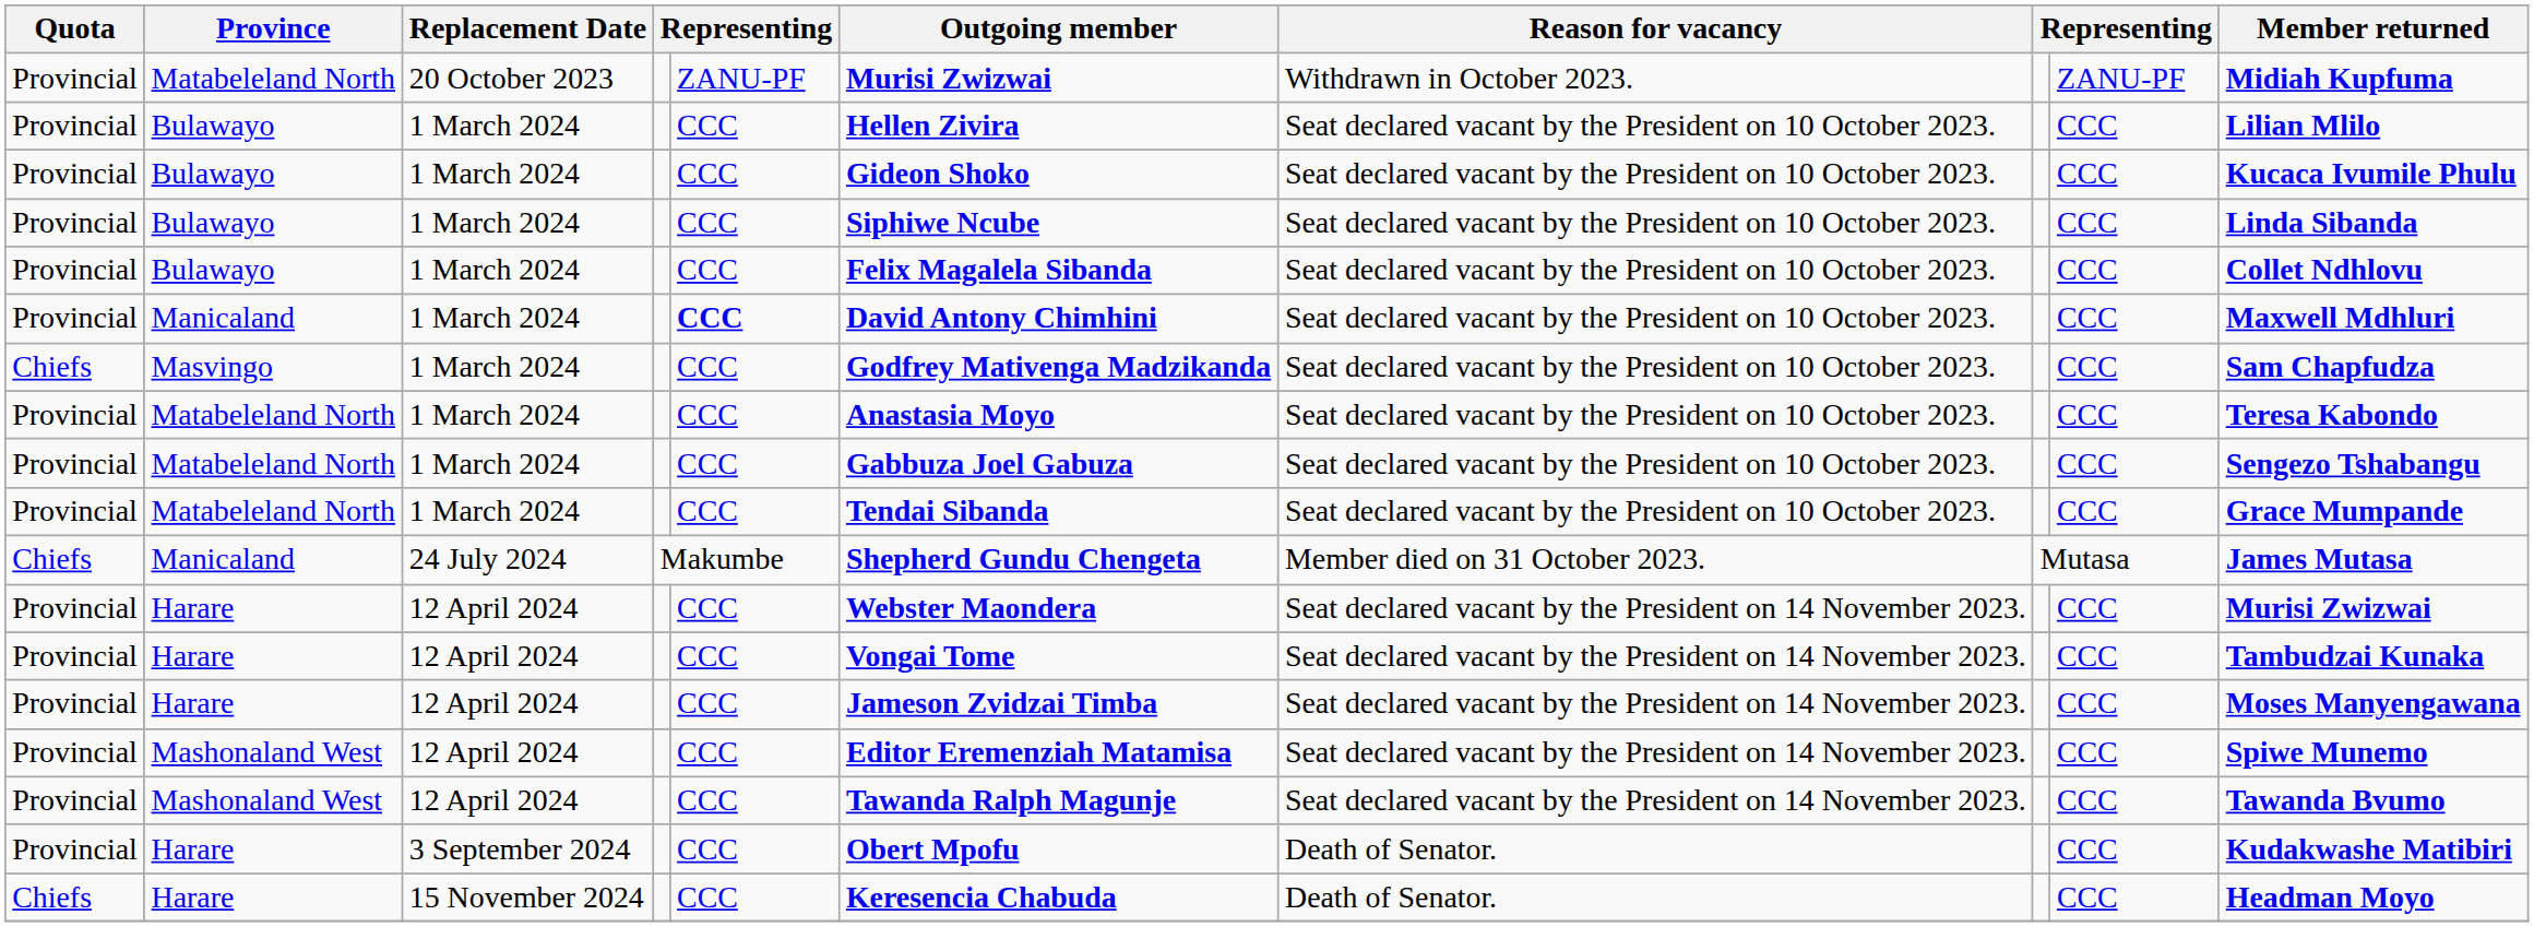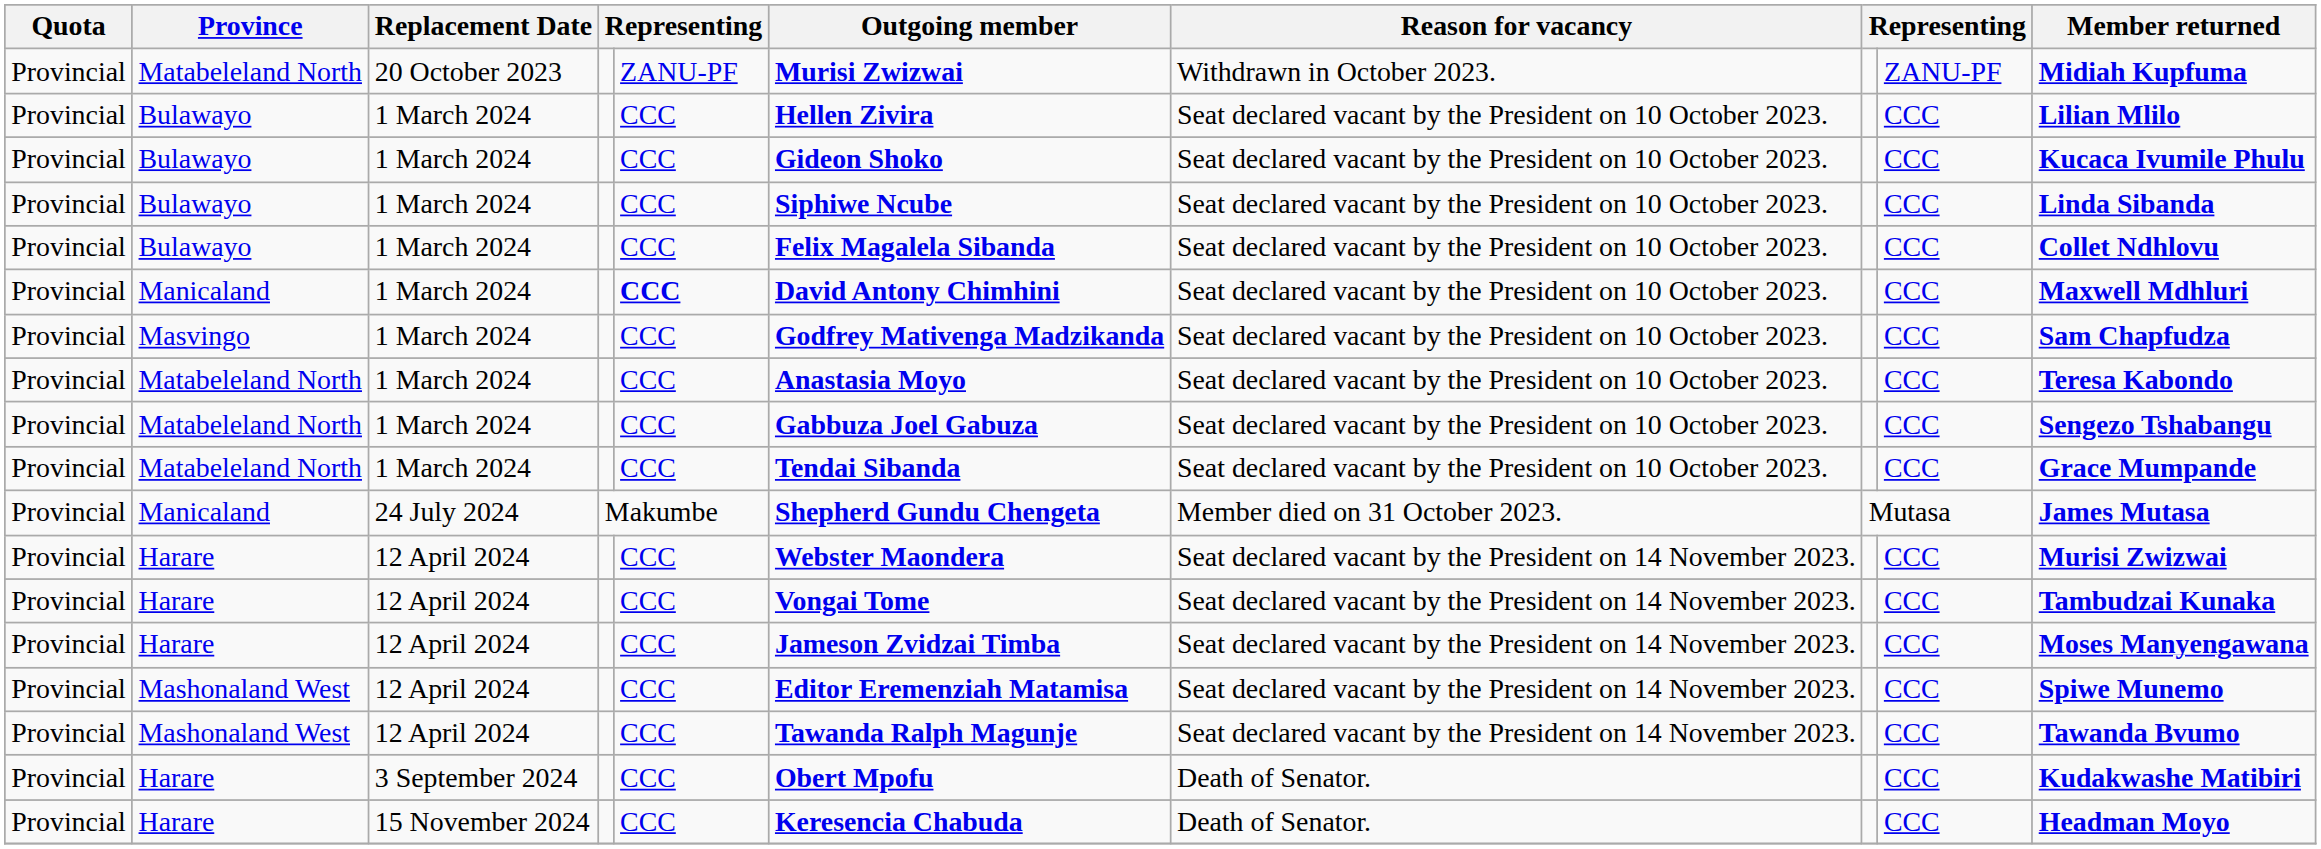 <table class="wikitable sortable" id="quota recalls">
 <tr>
 <th>Quota</th>
 <th><a href='#'>Province</a></th>
 <th>Replacement Date</th>
 <th colspan="2">Representing</th>
 <th>Outgoing member</th>
 <th>Reason for vacancy</th>
 <th colspan="2">Representing</th>
 <th><strong>Member returned</strong></th>
 </tr>
 <tr>
 <td>Provincial</td>
 <td><a href='#'>Matabeleland North</a></td>
 <td>20 October 2023</td>
 <td style="background-color: "></td>
 <td><a href='#'>ZANU-PF</a></td>
 <td data-sort-value="Zwizwai Murisi"><strong><a href='#'>Murisi Zwizwai</a></strong></td>
 <td>Withdrawn in October 2023.</td>
 <td style="background-color: "></td>
 <td><a href='#'>ZANU-PF</a></td>
 <td data-sort-value="Kupfuma Midiah"><strong><a href='#'>Midiah Kupfuma</a></strong></td>
 </tr>
 <tr>
 <td>Provincial</td>
 <td><a href='#'>Bulawayo</a></td>
 <td>1 March 2024</td>
 <td style="background-color: "></td>
 <td><a href='#'>CCC</a></td>
 <td data-sort-value="Zivira Hellen"><strong><a href='#'>Hellen Zivira</a></strong></td>
 <td>Seat declared vacant by the President on 10 October 2023.</td>
 <td style="background-color: "></td>
 <td><a href='#'>CCC</a></td>
 <td data-sort-value="Mlilo Lilian"><strong><a href='#'>Lilian Mlilo</a></strong></td>
 </tr>
 <tr>
 <td>Provincial</td>
 <td><a href='#'>Bulawayo</a></td>
 <td>1 March 2024</td>
 <td style="background-color: "></td>
 <td><a href='#'>CCC</a></td>
 <td data-sort-value="Shoko Gideon"><strong><a href='#'>Gideon Shoko</a></strong></td>
 <td>Seat declared vacant by the President on 10 October 2023.</td>
 <td style="background-color: "></td>
 <td><a href='#'>CCC</a></td>
 <td data-sort-value="Phulu Kucaca Ivumile"><strong><a href='#'>Kucaca Ivumile Phulu</a></strong></td>
 </tr>
 <tr>
 <td>Provincial</td>
 <td><a href='#'>Bulawayo</a></td>
 <td>1 March 2024</td>
 <td style="background-color: "></td>
 <td><a href='#'>CCC</a></td>
 <td data-sort-value="Ncube Siphiwe"><strong><a href='#'>Siphiwe Ncube</a></strong></td>
 <td>Seat declared vacant by the President on 10 October 2023.</td>
 <td style="background-color: "></td>
 <td><a href='#'>CCC</a></td>
 <td data-sort-value="Sibanda Linda"><strong><a href='#'>Linda Sibanda</a></strong></td>
 </tr>
 <tr>
 <td>Provincial</td>
 <td><a href='#'>Bulawayo</a></td>
 <td>1 March 2024</td>
 <td style="background-color: "></td>
 <td><a href='#'>CCC</a></td>
 <td data-sort-value="Sibanda Felix Magalela"><strong><a href='#'>Felix Magalela Sibanda</a></strong></td>
 <td>Seat declared vacant by the President on 10 October 2023.</td>
 <td style="background-color: "></td>
 <td><a href='#'>CCC</a></td>
 <td data-sort-value="Ndhlovu Collet"><strong><a href='#'>Collet Ndhlovu</a></strong></td>
 </tr>
 <tr>
 <td>Provincial</td>
 <td><a href='#'>Manicaland</a></td>
 <td>1 March 2024</td>
 <td style="background-color: "></td>
 <td><strong><a href='#'>CCC</a></strong></td>
 <td data-sort-value="Chimhini David Antony"><strong><a href='#'>David Antony Chimhini</a></strong></td>
 <td>Seat declared vacant by the President on 10 October 2023.</td>
 <td style="background-color: "></td>
 <td><a href='#'>CCC</a></td>
 <td data-sort-value="Mdhluri Maxwell"><strong><a href='#'>Maxwell Mdhluri</a></strong></td>
 </tr>
 <tr>
-<td><a href='#'>Chiefs</a></td>
+<td>Provincial</td>
 <td><a href='#'>Masvingo</a></td>
 <td>1 March 2024</td>
 <td style="background-color: "></td>
 <td><a href='#'>CCC</a></td>
 <td data-sort-value="Madzikanda Godfrey Mativenga"><strong><a href='#'>Godfrey Mativenga Madzikanda</a></strong></td>
 <td>Seat declared vacant by the President on 10 October 2023.</td>
 <td style="background-color: "></td>
 <td><a href='#'>CCC</a></td>
 <td data-sort-value="Chapfudza Sam"><strong><a href='#'>Sam Chapfudza</a></strong></td>
 </tr>
 <tr>
 <td>Provincial</td>
 <td><a href='#'>Matabeleland North</a></td>
 <td>1 March 2024</td>
 <td style="background-color: "></td>
 <td><a href='#'>CCC</a></td>
 <td data-sort-value="Moyo Anastasia"><strong><a href='#'>Anastasia Moyo</a></strong></td>
 <td>Seat declared vacant by the President on 10 October 2023.</td>
 <td style="background-color: "></td>
 <td><a href='#'>CCC</a></td>
 <td data-sort-value="Kabondo Teresa"><strong><a href='#'>Teresa Kabondo</a></strong></td>
 </tr>
 <tr>
 <td>Provincial</td>
 <td><a href='#'>Matabeleland North</a></td>
 <td>1 March 2024</td>
 <td style="background-color: "></td>
 <td><a href='#'>CCC</a></td>
 <td data-sort-value="Gabuza Gabbuza Joel"><strong><a href='#'>Gabbuza Joel Gabuza</a></strong></td>
 <td>Seat declared vacant by the President on 10 October 2023.</td>
 <td style="background-color: "></td>
 <td><a href='#'>CCC</a></td>
 <td data-sort-value="Tshabangu Sengezo"><strong><a href='#'>Sengezo Tshabangu</a></strong></td>
 </tr>
 <tr>
 <td>Provincial</td>
 <td><a href='#'>Matabeleland North</a></td>
 <td>1 March 2024</td>
 <td style="background-color: "></td>
 <td><a href='#'>CCC</a></td>
 <td data-sort-value="Sibanda Tendai"><strong><a href='#'>Tendai Sibanda</a></strong></td>
 <td>Seat declared vacant by the President on 10 October 2023.</td>
 <td style="background-color: "></td>
 <td><a href='#'>CCC</a></td>
 <td data-sort-value="Mumpande Grace"><strong><a href='#'>Grace Mumpande</a></strong></td>
 </tr>
 <tr>
-<td><a href='#'>Chiefs</a></td>
+<td>Provincial</td>
 <td><a href='#'>Manicaland</a></td>
 <td>24 July 2024</td>
 <td colspan="2">Makumbe</td>
 <td data-sort-value="Chengeta Shepherd Gundu"><strong><a href='#'>Shepherd Gundu Chengeta</a></strong></td>
 <td>Member died on 31 October 2023.</td>
 <td colspan="2">Mutasa</td>
 <td data-sort-value="Mutasa James"><strong><a href='#'>James Mutasa</a></strong></td>
 </tr>
 <tr>
 <td>Provincial</td>
 <td><a href='#'>Harare</a></td>
 <td>12 April 2024</td>
 <td style="background-color: "></td>
 <td><a href='#'>CCC</a></td>
 <td data-sort-value="Maondera Webster"><strong><a href='#'>Webster Maondera</a></strong></td>
 <td>Seat declared vacant by the President on 14 November 2023.</td>
 <td style="background-color: "></td>
 <td><a href='#'>CCC</a></td>
 <td data-sort-value="Zwizwai Murisi"><strong><a href='#'>Murisi Zwizwai</a></strong></td>
 </tr>
 <tr>
 <td>Provincial</td>
 <td><a href='#'>Harare</a></td>
 <td>12 April 2024</td>
 <td style="background-color: "></td>
 <td><a href='#'>CCC</a></td>
 <td data-sort-value="Tome Vongai"><strong><a href='#'>Vongai Tome</a></strong></td>
 <td>Seat declared vacant by the President on 14 November 2023.</td>
 <td style="background-color: "></td>
 <td><a href='#'>CCC</a></td>
 <td data-sort-value="Kunaka Tambudzai"><strong><a href='#'>Tambudzai Kunaka</a></strong></td>
 </tr>
 <tr>
 <td>Provincial</td>
 <td><a href='#'>Harare</a></td>
 <td>12 April 2024</td>
 <td style="background-color: "></td>
 <td><a href='#'>CCC</a></td>
 <td data-sort-value="Timba Jameson Zvidzai"><strong><a href='#'>Jameson Zvidzai Timba</a></strong></td>
 <td>Seat declared vacant by the President on 14 November 2023.</td>
 <td style="background-color: "></td>
 <td><a href='#'>CCC</a></td>
 <td data-sort-value="Manyengawana Moses"><strong><a href='#'>Moses Manyengawana</a></strong></td>
 </tr>
 <tr>
 <td>Provincial</td>
 <td><a href='#'>Mashonaland West</a></td>
 <td>12 April 2024</td>
 <td style="background-color: "></td>
 <td><a href='#'>CCC</a></td>
 <td data-sort-value="Matamisa Editor Eremenziah"><strong><a href='#'>Editor Eremenziah Matamisa</a></strong></td>
 <td>Seat declared vacant by the President on 14 November 2023.</td>
 <td style="background-color: "></td>
 <td><a href='#'>CCC</a></td>
 <td data-sort-value="Munemo Spiwe"><strong><a href='#'>Spiwe Munemo</a></strong></td>
 </tr>
 <tr>
 <td>Provincial</td>
 <td><a href='#'>Mashonaland West</a></td>
 <td>12 April 2024</td>
 <td style="background-color: "></td>
 <td><a href='#'>CCC</a></td>
 <td data-sort-value="Magunje Tawanda Ralph"><strong><a href='#'>Tawanda Ralph Magunje</a></strong></td>
 <td>Seat declared vacant by the President on 14 November 2023.</td>
 <td style="background-color: "></td>
 <td><a href='#'>CCC</a></td>
 <td data-sort-value="Bvumo Tawanda"><strong><a href='#'>Tawanda Bvumo</a></strong></td>
 </tr>
 <tr>
 <td>Provincial</td>
 <td><a href='#'>Harare</a></td>
 <td>3 September 2024</td>
 <td style="background-color: "></td>
 <td><a href='#'>CCC</a></td>
 <td data-sort-value="Mpofu Obert"><strong><a href='#'>Obert Mpofu</a></strong></td>
 <td>Death of Senator.</td>
 <td style="background-color: "></td>
 <td><a href='#'>CCC</a></td>
 <td data-sort-value="Matibiri Kudakwashe"><strong><a href='#'>Kudakwashe Matibiri</a></strong></td>
 </tr>
 <tr>
-<td><a href='#'>Chiefs</a></td>
+<td>Provincial</td>
 <td><a href='#'>Harare</a></td>
 <td>15 November 2024</td>
 <td style="background-color: "></td>
 <td><a href='#'>CCC</a></td>
 <td data-sort-value="Chabuda Keresencia"><strong><a href='#'>Keresencia Chabuda</a></strong></td>
 <td>Death of Senator.</td>
 <td style="background-color: "></td>
 <td><a href='#'>CCC</a></td>
 <td data-sort-value="Moyo Headman"><strong><a href='#'>Headman Moyo</a></strong></td>
 </tr>
 <tr>
 </tr>
 </table>
